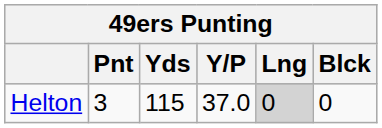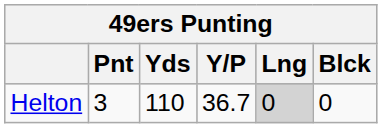 <table class="wikitable">
 <tr>
 <th colspan="6">49ers Punting</th>
 </tr>
 <tr>
 <th></th>
 <th>Pnt</th>
 <th>Yds</th>
 <th>Y/P</th>
 <th>Lng</th>
 <th>Blck</th>
 </tr>
 <tr>
 <td><a href='#'>Helton</a></td>
 <td>3</td>
-<td>115</td>
-<td>37.0</td>
+<td>110</td>
+<td>36.7</td>
 <td style="background: lightgrey;">0</td>
 <td>0</td>
 </tr>
 </table>
